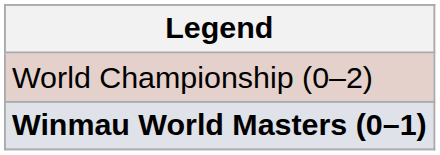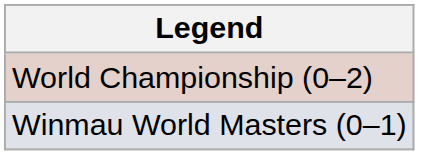 <table class="wikitable">
 <tr>
 <th>Legend</th>
 </tr>
 <tr style="background:#e5d1cb;">
 <td>World Championship (0–2)</td>
 </tr>
 <tr style="background:#dfe2e9;">
-<td><strong>Winmau World Masters (0–1)</strong></td>
+<td>Winmau World Masters (0–1)</td>
 </tr>
 </table>
